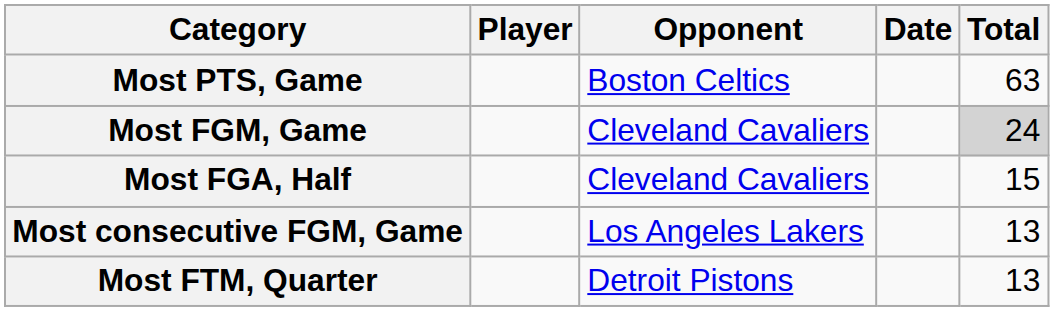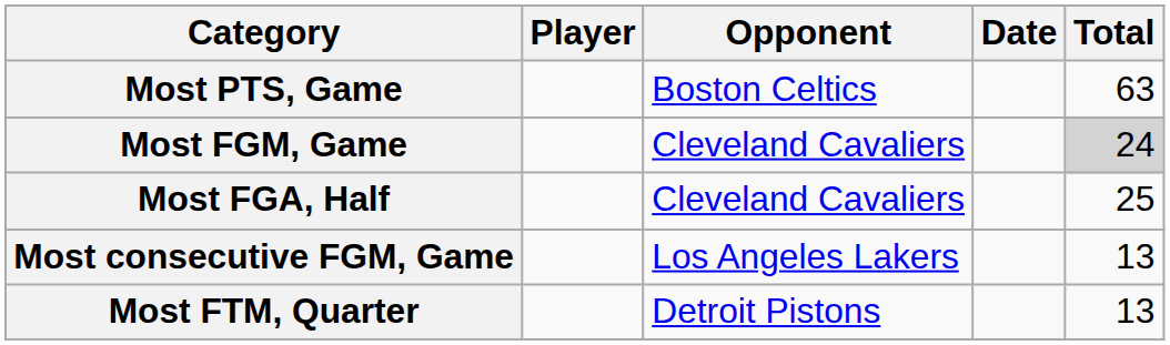 <table class="wikitable sortable">
 <tr>
 <th scope="col">Category</th>
 <th scope="col">Player</th>
 <th scope="col">Opponent</th>
 <th scope="col">Date</th>
 <th scope="col">Total</th>
 </tr>
 <tr>
 <th scope="row">Most PTS, Game</th>
 <td></td>
 <td><a href='#'>Boston Celtics</a></td>
 <td style="text-align:right"></td>
 <td style="text-align:right">63</td>
 </tr>
 <tr>
 <th scope="row">Most FGM, Game</th>
 <td></td>
 <td><a href='#'>Cleveland Cavaliers</a></td>
 <td style="text-align:right"></td>
 <td style="background: lightgrey; text-align:right">24</td>
 </tr>
 <tr>
 <th scope="row">Most FGA, Half</th>
 <td></td>
 <td><a href='#'>Cleveland Cavaliers</a></td>
 <td style="text-align:right"></td>
-<td style="text-align:right">15</td>
+<td style="text-align:right">25</td>
 </tr>
 <tr>
 <th scope="row">Most consecutive FGM, Game</th>
 <td></td>
 <td><a href='#'>Los Angeles Lakers</a></td>
 <td style="text-align:right"></td>
 <td style="text-align:right">13</td>
 </tr>
 <tr>
 <th scope="row">Most FTM, Quarter</th>
 <td></td>
 <td><a href='#'>Detroit Pistons</a></td>
 <td style="text-align:right"></td>
 <td style="text-align:right">13</td>
 </tr>
 </table>
